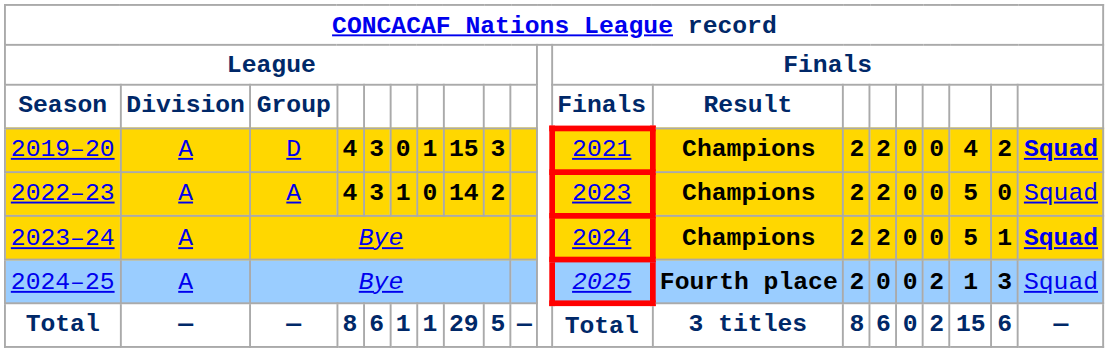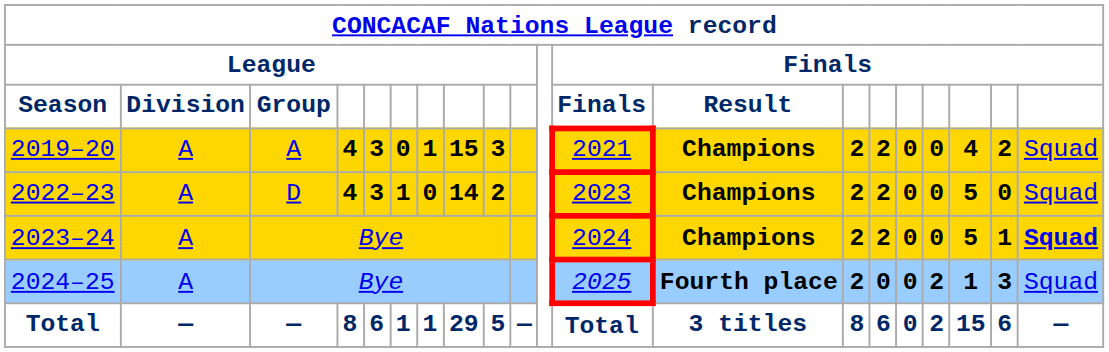 <table class="wikitable" style="text-align: center;">
 <tr>
 <th colspan="20" style="color:#002868; background:white;"><a href='#'>CONCACAF Nations League</a> record</th>
 </tr>
 <tr>
 <th colspan="10" style="color:#002868; background:white;">League</th>
 <th rowspan="7" style="color:#002868; background:white;"></th>
 <th style="color:#002868; background:white;" colspan=9>Finals</th>
 </tr>
 <tr>
 <th style="color:#002868; background:white;">Season</th>
 <th style="color:#002868; background:white;">Division</th>
 <th style="color:#002868; background:white;">Group</th>
 <th style="color:#002868; background:white;"></th>
 <th style="color:#002868; background:white;"></th>
 <th style="color:#002868; background:white;"></th>
 <th style="color:#002868; background:white;"></th>
 <th style="color:#002868; background:white;"></th>
 <th style="color:#002868; background:white;"></th>
 <th style="color:#002868; background:white;"></th>
 <th style="color:#002868; background:white;">Finals</th>
 <th style="color:#002868; background:white;">Result</th>
 <th style="color:#002868; background:white;"></th>
 <th style="color:#002868; background:white;"></th>
 <th style="color:#002868; background:white;"></th>
 <th style="color:#002868; background:white;"></th>
 <th style="color:#002868; background:white;"></th>
 <th style="color:#002868; background:white;"></th>
 <th style="color:#002868; background:white;"></th>
 </tr>
 <tr bgcolor=gold>
 <td><a href='#'>2019–20</a></td>
 <td><a href='#'>A</a></td>
-<td><a href='#'>D</a></td>
+<td><a href='#'>A</a></td>
 <td><strong>4</strong></td>
 <td><strong>3</strong></td>
 <td><strong>0</strong></td>
 <td><strong>1</strong></td>
 <td><strong>15</strong></td>
 <td><strong>3</strong></td>
 <td></td>
 <td style="border: 3px solid red"> <a href='#'>2021</a></td>
 <td><strong>Champions</strong></td>
 <td><strong>2</strong></td>
 <td><strong>2</strong></td>
 <td><strong>0</strong></td>
 <td><strong>0</strong></td>
 <td><strong>4</strong></td>
 <td><strong>2</strong></td>
-<td><strong><a href='#'>Squad</a></strong></td>
+<td><a href='#'>Squad</a></td>
 </tr>
 <tr bgcolor=gold>
 <td><a href='#'>2022–23</a></td>
 <td><a href='#'>A</a></td>
-<td><a href='#'>A</a></td>
+<td><a href='#'>D</a></td>
 <td><strong>4</strong></td>
 <td><strong>3</strong></td>
 <td><strong>1</strong></td>
 <td><strong>0</strong></td>
 <td><strong>14</strong></td>
 <td><strong>2</strong></td>
 <td></td>
 <td style="border: 3px solid red"> <a href='#'>2023</a></td>
 <td><strong>Champions</strong></td>
 <td><strong>2</strong></td>
 <td><strong>2</strong></td>
 <td><strong>0</strong></td>
 <td><strong>0</strong></td>
 <td><strong>5</strong></td>
 <td><strong>0</strong></td>
 <td><a href='#'>Squad</a></td>
 </tr>
 <tr bgcolor=gold>
 <td><a href='#'>2023–24</a></td>
 <td><a href='#'>A</a></td>
 <td colspan="7"><em><a href='#'>Bye</a></em></td>
 <td></td>
 <td style="border: 3px solid red"> <a href='#'>2024</a></td>
 <td><strong>Champions</strong></td>
 <td><strong>2</strong></td>
 <td><strong>2</strong></td>
 <td><strong>0</strong></td>
 <td><strong>0</strong></td>
 <td><strong>5</strong></td>
 <td><strong>1</strong></td>
 <td><strong><a href='#'>Squad</a></strong></td>
 </tr>
 <tr bgcolor=#9acdff>
 <td><a href='#'>2024–25</a></td>
 <td><a href='#'>A</a></td>
 <td colspan="7"><em><a href='#'>Bye</a></em></td>
 <td></td>
 <td style="border: 3px solid red"> <a href='#'><em>2025</em></a></td>
 <td><strong>Fourth place</strong></td>
 <td><strong>2</strong></td>
 <td><strong>0</strong></td>
 <td><strong>0</strong></td>
 <td><strong>2</strong></td>
 <td><strong>1</strong></td>
 <td><strong>3</strong></td>
 <td><a href='#'>Squad</a></td>
 </tr>
 <tr style="color:#002868; background:white;">
 <td><strong>Total</strong></td>
 <td><strong>—</strong></td>
 <td><strong>—</strong></td>
 <td><strong>8</strong></td>
 <td><strong>6</strong></td>
 <td><strong>1</strong></td>
 <td><strong>1</strong></td>
 <td><strong>29</strong></td>
 <td><strong>5</strong></td>
 <td><strong>—</strong></td>
 <td><strong>Total</strong></td>
 <td><strong>3 titles</strong></td>
 <td><strong>8</strong></td>
 <td><strong>6</strong></td>
 <td><strong>0</strong></td>
 <td><strong>2</strong></td>
 <td><strong>15</strong></td>
 <td><strong>6</strong></td>
 <td><strong>—</strong></td>
 </tr>
 </table>
